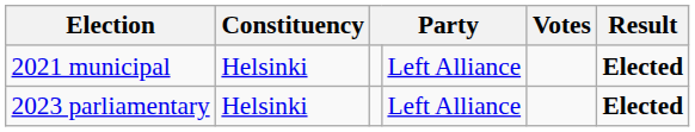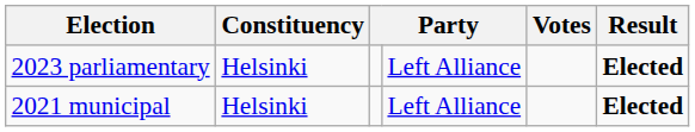 <table class="wikitable" style="text-align:left;">
 <tr>
 <th scope=col>Election</th>
 <th scope=col>Constituency</th>
 <th scope=col colspan="2">Party</th>
 <th scope=col>Votes</th>
 <th scope=col>Result</th>
 </tr>
 <tr>
+<td><a href='#'>2023 parliamentary</a></td>
+<td><a href='#'>Helsinki</a></td>
+<td></td>
+<td><a href='#'>Left Alliance</a></td>
+<td align=right></td>
+<td><strong>Elected</strong></td>
+</tr>
+<tr>
 <td><a href='#'>2021 municipal</a></td>
 <td><a href='#'>Helsinki</a></td>
 <td></td>
 <td><a href='#'>Left Alliance</a></td>
 <td align=right></td>
 <td><strong>Elected</strong></td>
 </tr>
-<tr>
-<td><a href='#'>2023 parliamentary</a></td>
-<td><a href='#'>Helsinki</a></td>
-<td></td>
-<td><a href='#'>Left Alliance</a></td>
-<td align=right></td>
-<td><strong>Elected</strong></td>
-</tr>
 </table>
